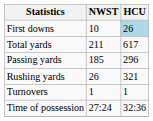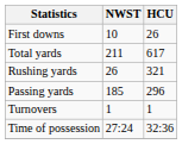 <table class="wikitable" style="float: left;">
 <tr>
 <th>Statistics</th>
 <th>NWST</th>
 <th>HCU</th>
 </tr>
 <tr>
 <td>First downs</td>
 <td>10</td>
-<td style="background: lightblue;">26</td>
+<td>26</td>
 </tr>
 <tr>
 <td>Total yards</td>
 <td>211</td>
 <td>617</td>
 </tr>
 <tr>
+<td>Rushing yards</td>
+<td>26</td>
+<td>321</td>
+</tr>
+<tr>
 <td>Passing yards</td>
 <td>185</td>
 <td>296</td>
-</tr>
-<tr>
-<td>Rushing yards</td>
-<td>26</td>
-<td>321</td>
 </tr>
 <tr>
 <td>Turnovers</td>
 <td>1</td>
 <td>1</td>
 </tr>
 <tr>
 <td>Time of possession</td>
 <td>27:24</td>
 <td>32:36</td>
 </tr>
 <tr>
 </tr>
 </table>
